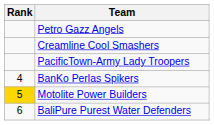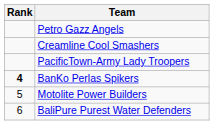 <table class="wikitable" style="text-align: center;">
 <tr>
 <th width=40>Rank</th>
 <th width=260>Team</th>
 </tr>
 <tr>
 <td></td>
 <td align="left"><a href='#'>Petro Gazz Angels</a></td>
 </tr>
 <tr>
 <td></td>
 <td align="left"><a href='#'>Creamline Cool Smashers</a></td>
 </tr>
 <tr>
 <td></td>
 <td align="left"><a href='#'>PacificTown-Army Lady Troopers</a></td>
 </tr>
 <tr>
-<td>4</td>
+<td><strong>4</strong></td>
 <td align="left"><a href='#'>BanKo Perlas Spikers</a></td>
 </tr>
 <tr>
-<td style="background: gold;">5</td>
+<td>5</td>
 <td align="left"><a href='#'>Motolite Power Builders</a></td>
 </tr>
 <tr>
 <td>6</td>
 <td align="left"><a href='#'>BaliPure Purest Water Defenders</a></td>
 </tr>
 </table>
